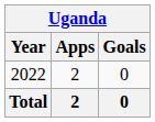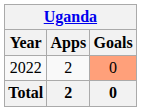 <table class="wikitable" style="text-align:center">
 <tr>
 <th colspan=3><a href='#'>Uganda</a></th>
 </tr>
 <tr>
 <th>Year</th>
 <th>Apps</th>
 <th>Goals</th>
 </tr>
 <tr>
 <td>2022</td>
 <td>2</td>
-<td>0</td>
+<td style="background: lightsalmon;">0</td>
 </tr>
 <tr>
 <th>Total</th>
 <th>2</th>
 <th>0</th>
 </tr>
 </table>
